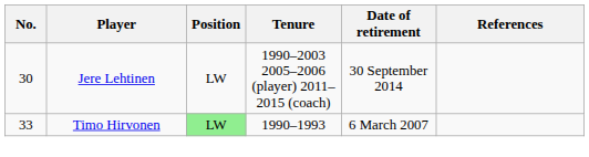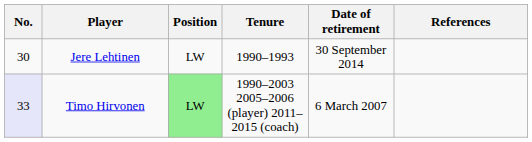 <table class="wikitable sortable" style="text-align:center">
 <tr>
 <th width="40px">No.</th>
 <th width="150px">Player</th>
 <th width="60px">Position</th>
 <th width="100px">Tenure</th>
 <th width="100px">Date of retirement</th>
 <th width="160px">References</th>
 </tr>
 <tr>
 <td>30</td>
 <td><a href='#'>Jere Lehtinen</a></td>
 <td>LW</td>
-<td>1990–2003<br>2005–2006 (player) 2011–2015 (coach)</td>
+<td>1990–1993</td>
 <td>30 September 2014</td>
 <td></td>
 </tr>
 <tr>
-<td>33</td>
+<td style="background: lavender;">33</td>
 <td><a href='#'>Timo Hirvonen</a></td>
 <td style="background: lightgreen;">LW</td>
-<td>1990–1993</td>
+<td>1990–2003<br>2005–2006 (player) 2011–2015 (coach)</td>
 <td>6 March 2007</td>
 <td></td>
 </tr>
 </table>
